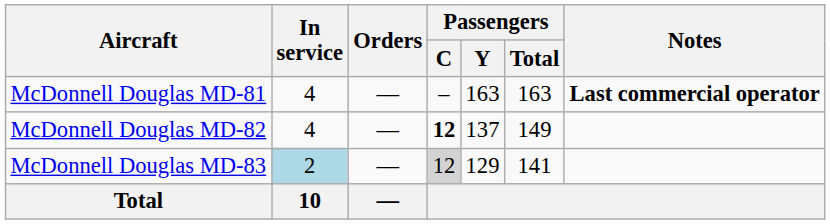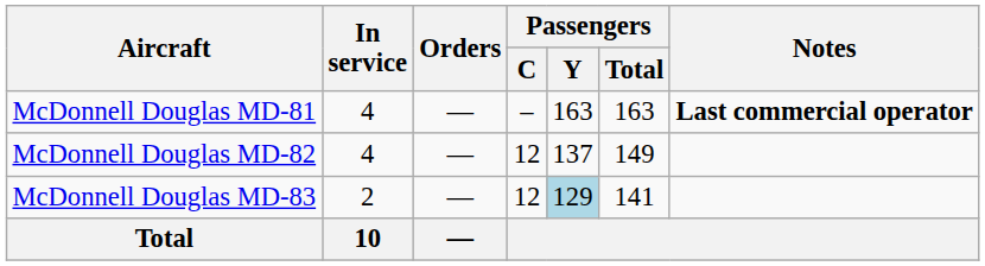 <table class="wikitable" style="margin:0.5em auto; text-align:center">
 <tr>
 <th rowspan=2>Aircraft</th>
 <th rowspan=2>In <br> service</th>
 <th rowspan=2>Orders</th>
 <th colspan=3>Passengers</th>
 <th rowspan=2>Notes</th>
 </tr>
 <tr>
 <th><abbr>C</abbr></th>
 <th><abbr>Y</abbr></th>
 <th>Total</th>
 </tr>
 <tr>
 <td><a href='#'>McDonnell Douglas MD-81</a></td>
 <td>4</td>
 <td>—</td>
 <td>–</td>
 <td>163</td>
 <td>163</td>
 <td><strong>Last commercial operator</strong></td>
 </tr>
 <tr>
 <td><a href='#'>McDonnell Douglas MD-82</a></td>
 <td>4</td>
 <td>—</td>
-<td><strong>12</strong></td>
+<td>12</td>
 <td>137</td>
 <td>149</td>
 </tr>
 <tr>
 <td><a href='#'>McDonnell Douglas MD-83</a></td>
-<td style="background: lightblue;">2</td>
+<td>2</td>
 <td>—</td>
-<td style="background: lightgrey;">12</td>
-<td>129</td>
+<td>12</td>
+<td style="background: lightblue;">129</td>
 <td>141</td>
 <td></td>
 </tr>
 <tr>
 <th>Total</th>
 <th>10</th>
 <th>—</th>
 <th colspan=4></th>
 </tr>
 </table>
